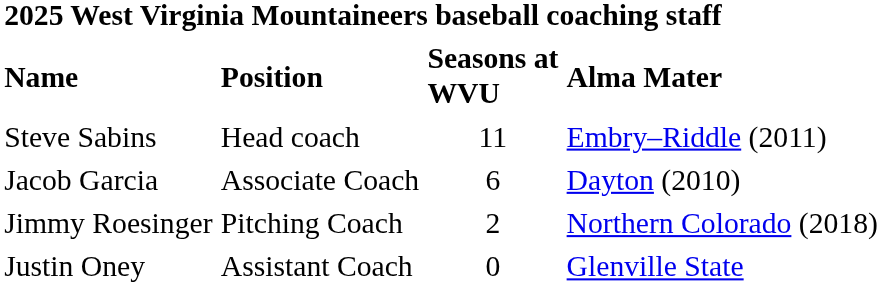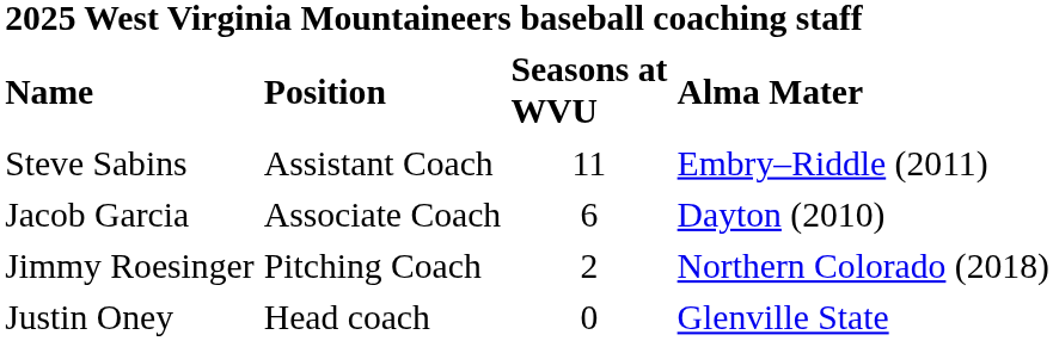 <table class="toccolours" style="text-align: left; font-size:90%;">
 <tr>
 <th colspan="4">2025 West Virginia Mountaineers baseball coaching staff</th>
 </tr>
 <tr>
 <th>Name</th>
 <th>Position</th>
 <th>Seasons at<br>WVU</th>
 <th>Alma Mater</th>
 </tr>
 <tr>
 <td>Steve Sabins</td>
-<td>Head coach</td>
+<td>Assistant Coach</td>
 <td align=center>11</td>
 <td><a href='#'>Embry–Riddle</a> (2011)</td>
 </tr>
 <tr>
 <td>Jacob Garcia</td>
 <td>Associate Coach</td>
 <td align=center>6</td>
 <td><a href='#'>Dayton</a> (2010)</td>
 </tr>
 <tr>
 <td>Jimmy Roesinger</td>
 <td>Pitching Coach</td>
 <td align=center>2</td>
 <td><a href='#'>Northern Colorado</a> (2018)</td>
 </tr>
 <tr>
 <td>Justin Oney</td>
-<td>Assistant Coach</td>
+<td>Head coach</td>
 <td align=center>0</td>
 <td><a href='#'>Glenville State</a></td>
 </tr>
 </table>
